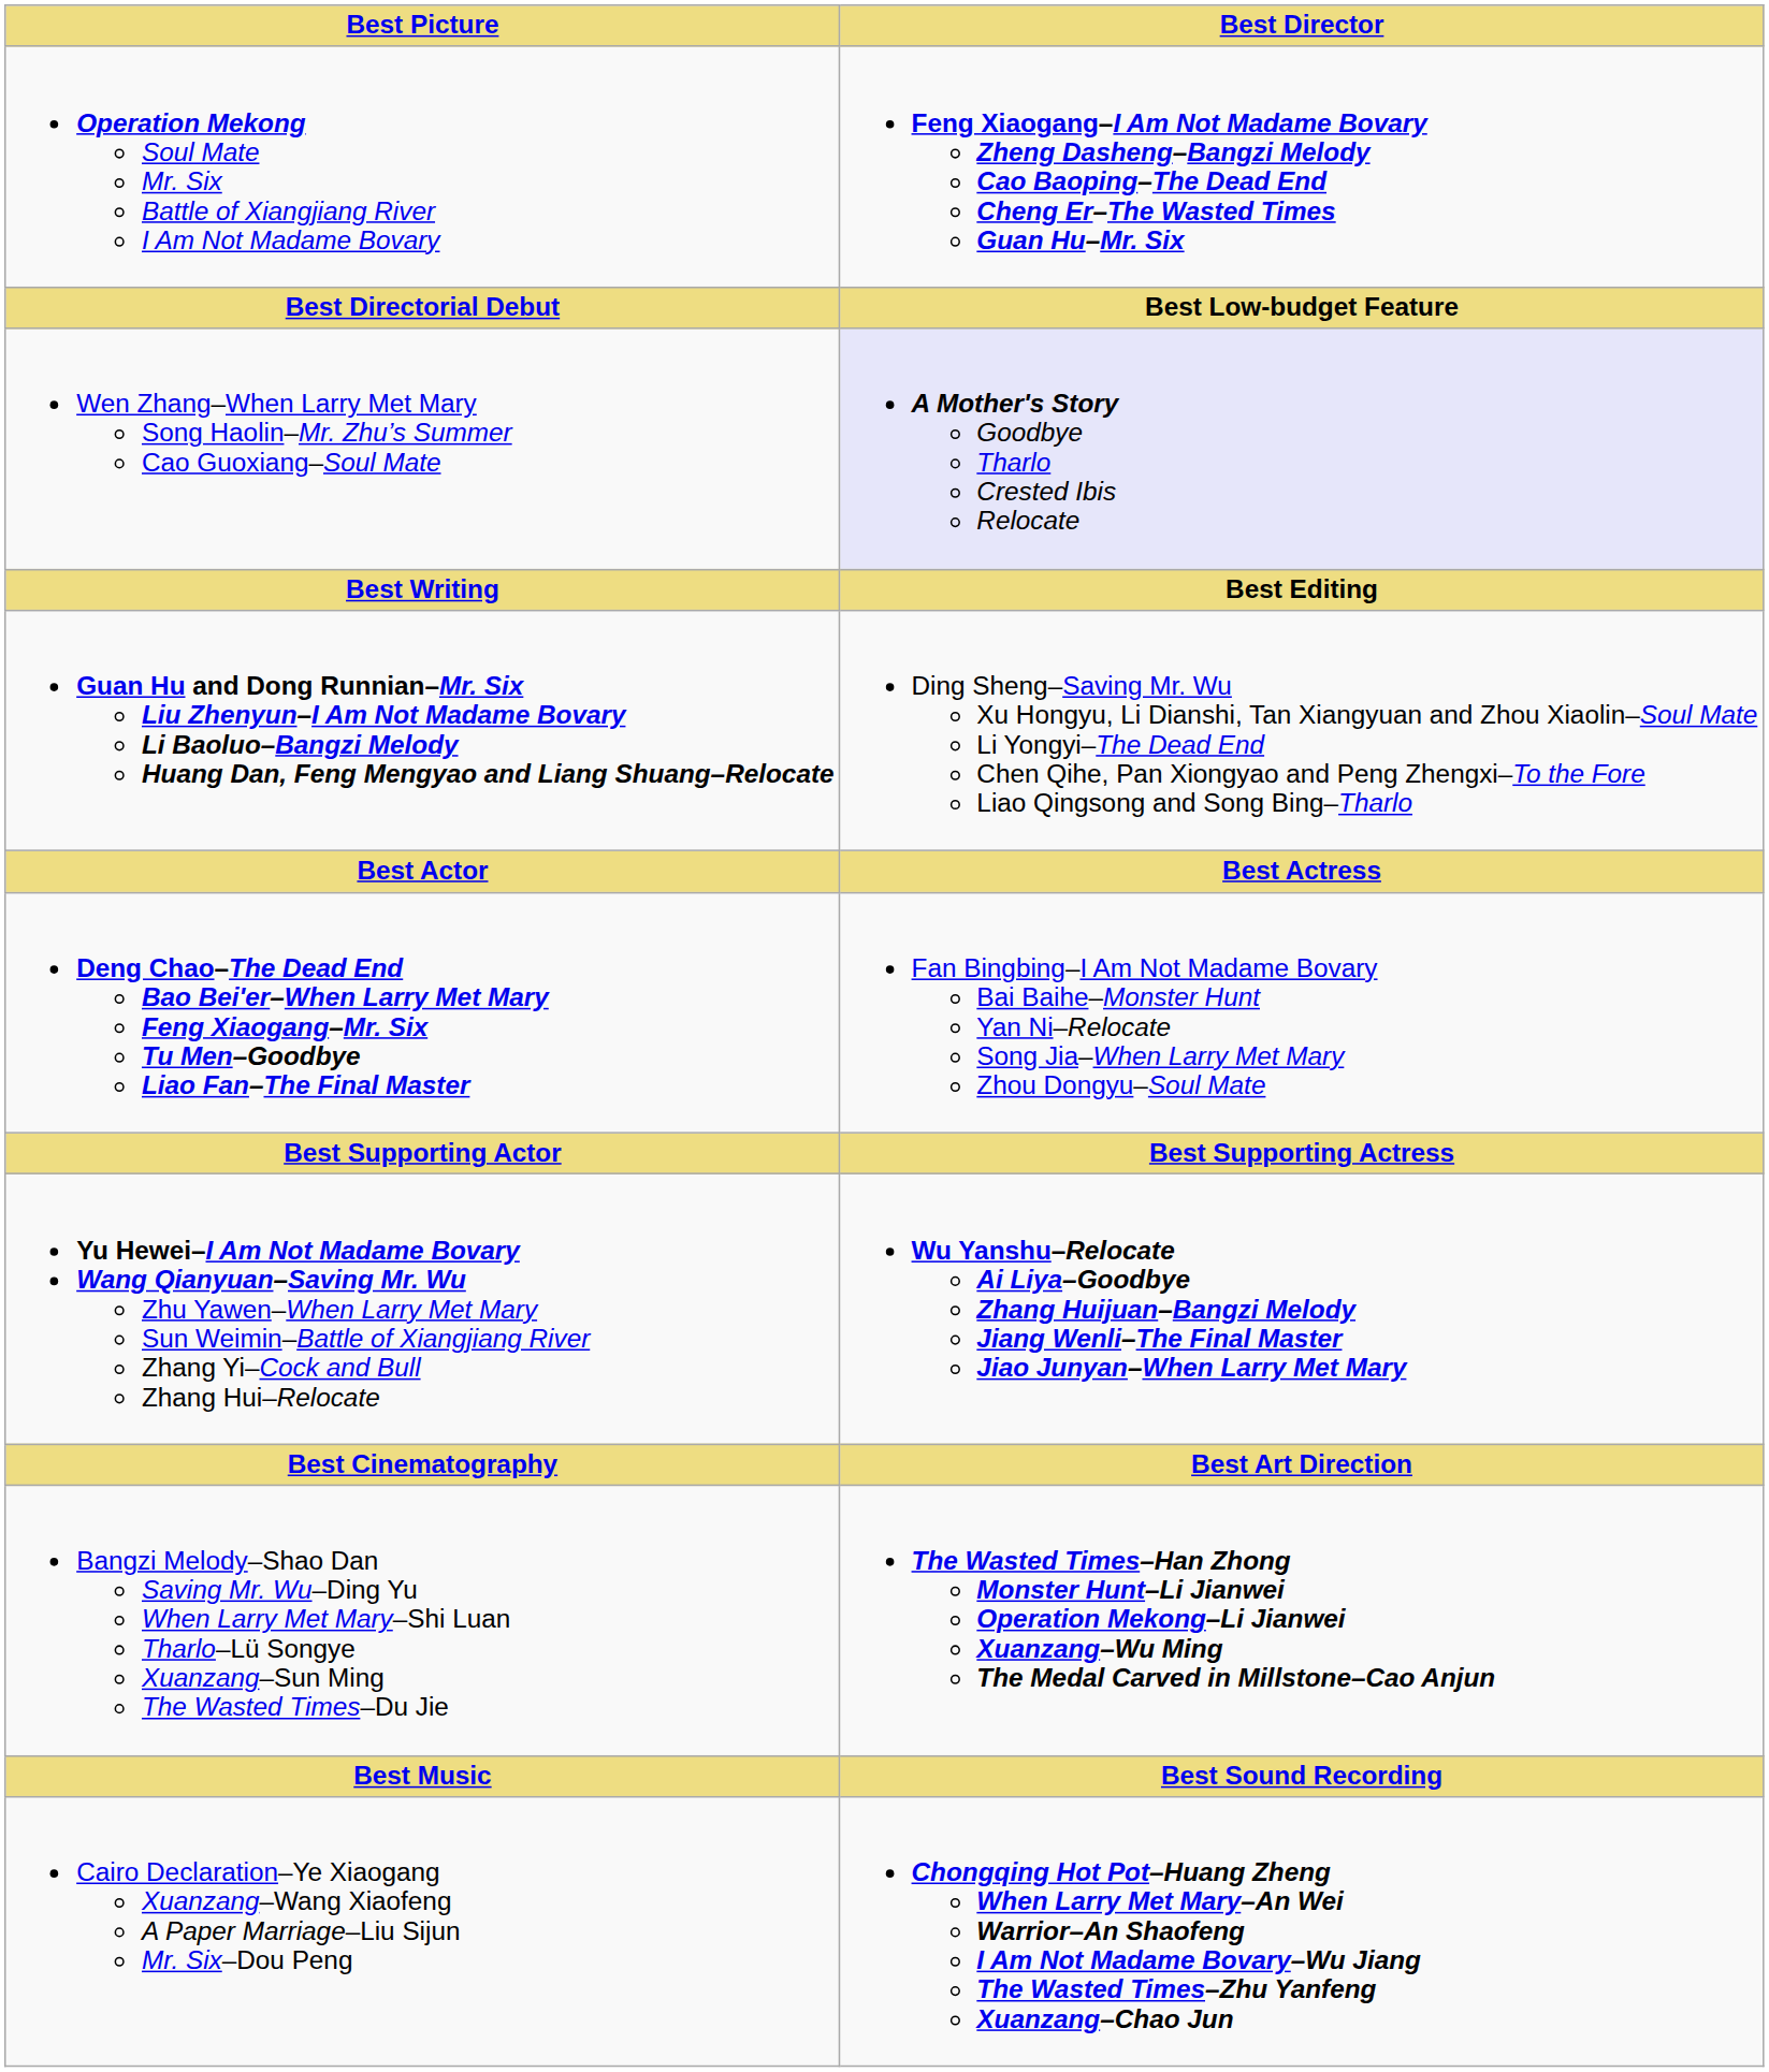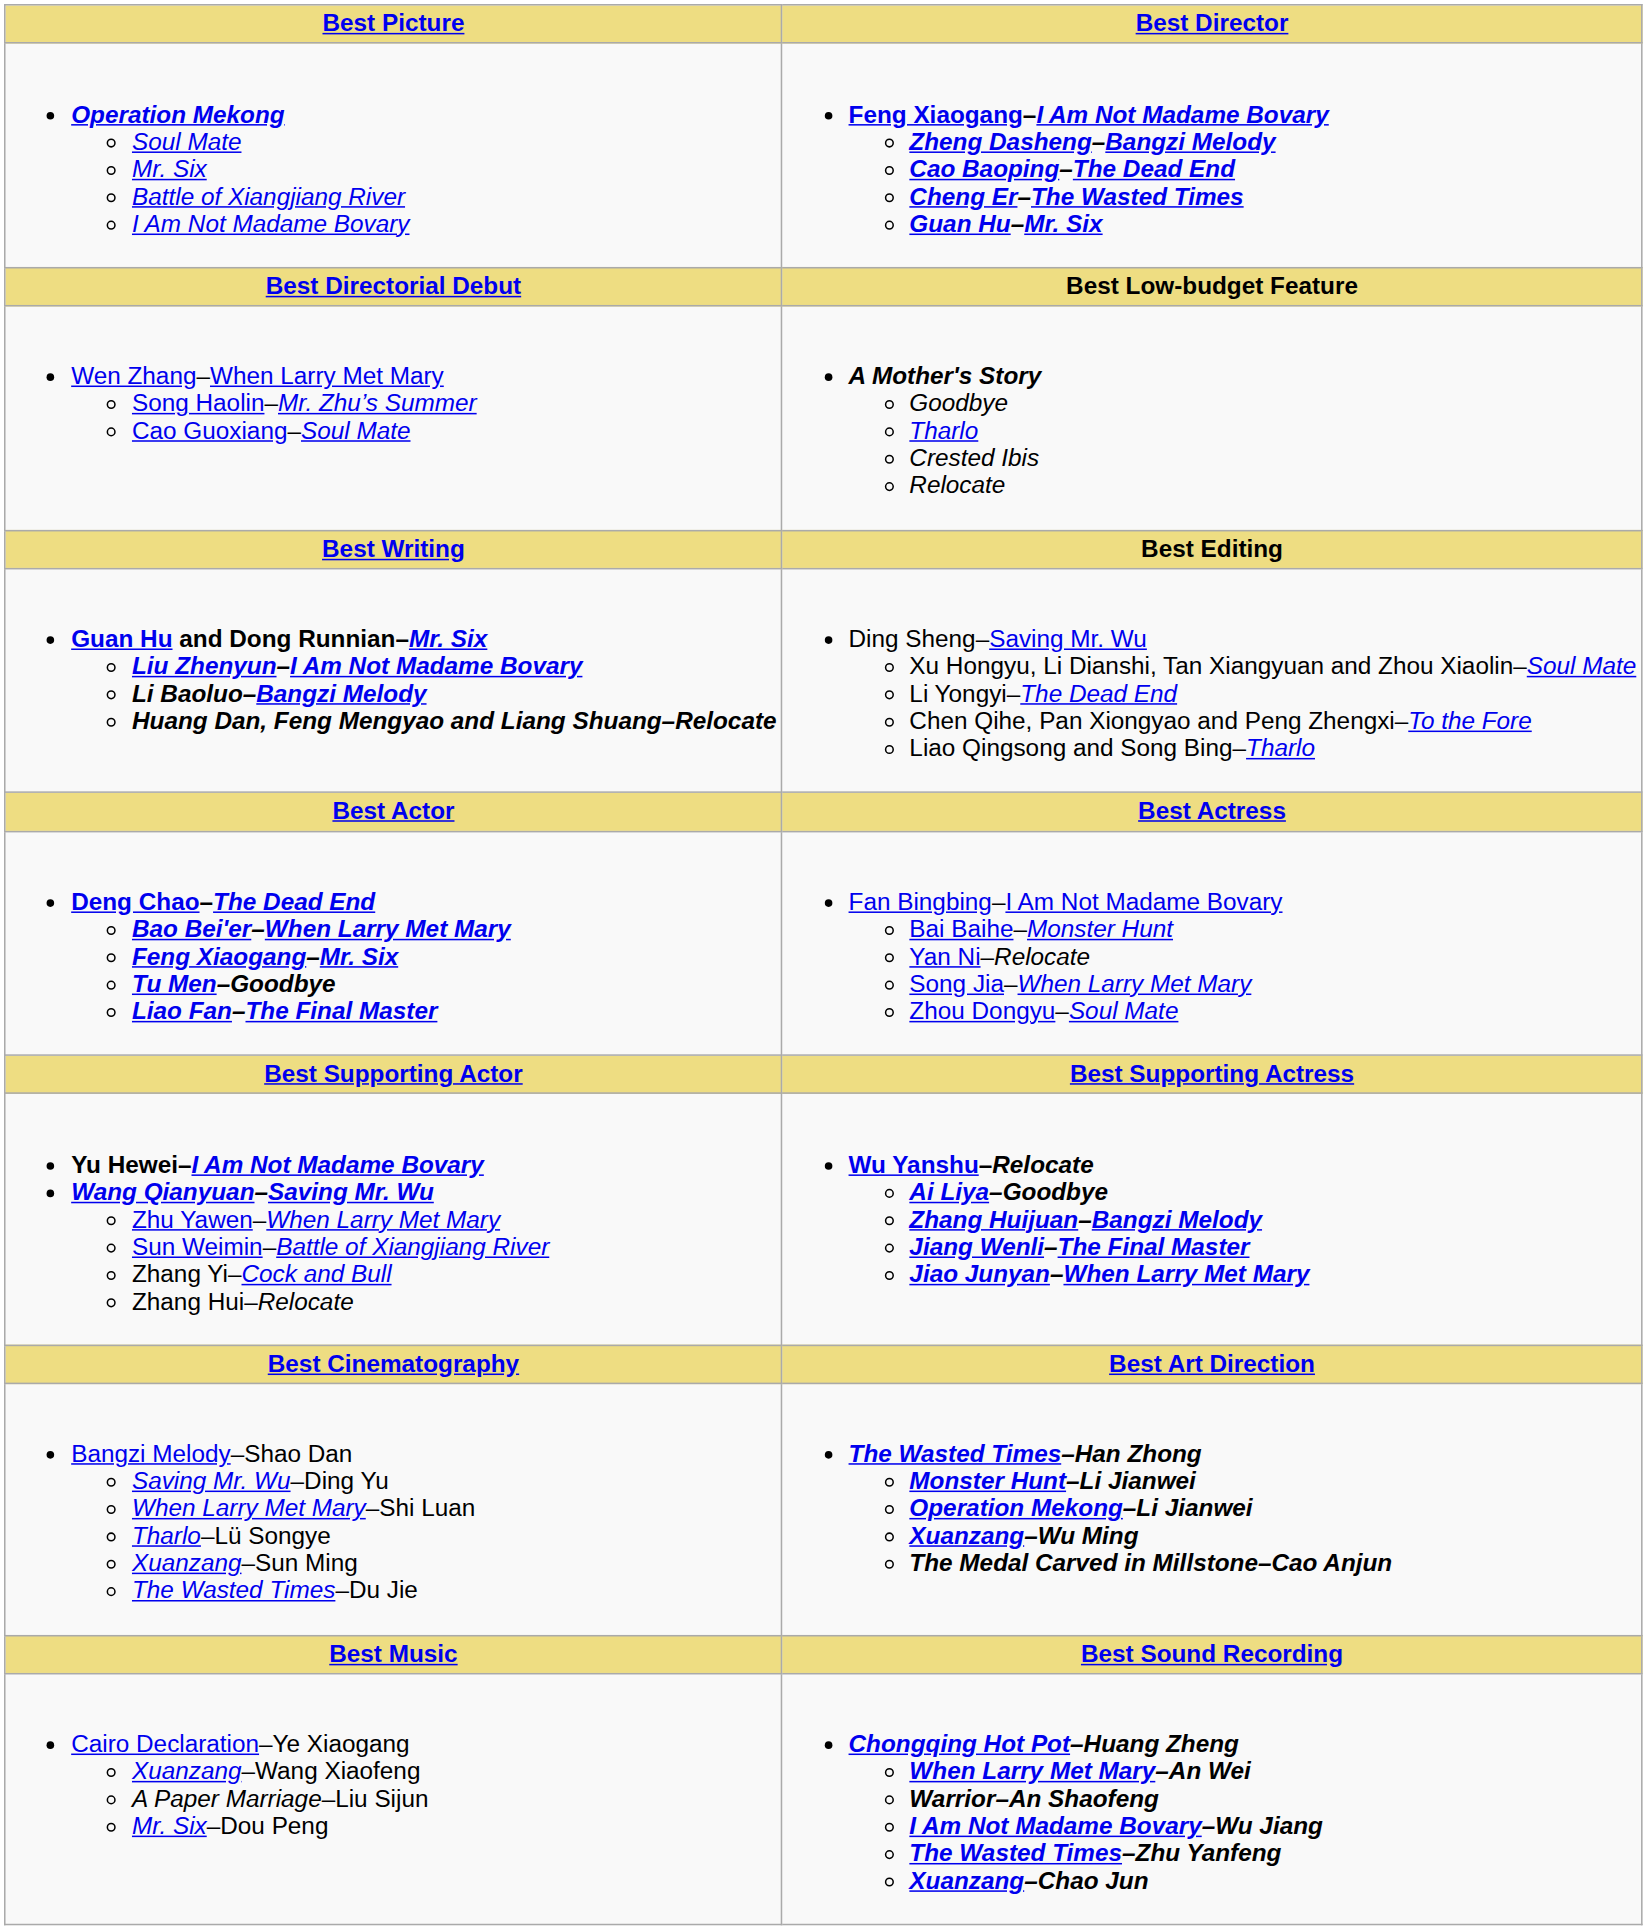 <table class="wikitable">
 <tr>
 <th style="background:#EEDD82; width=50%"><a href='#'>Best Picture</a></th>
 <th style="background:#EEDD82; width=50%"><a href='#'>Best Director</a></th>
 </tr>
 <tr>
 <td valign="top"><br><ul><li><strong><em><a href='#'>Operation Mekong</a></em></strong><ul><li><em><a href='#'>Soul Mate</a></em></li><li><em><a href='#'>Mr. Six</a></em></li><li><em><a href='#'>Battle of Xiangjiang River</a></em></li><li><em><a href='#'>I Am Not Madame Bovary</a></em></li></ul></li></ul></td>
 <td valign="top"><br><ul><li><strong><a href='#'>Feng Xiaogang</a>–<em><a href='#'>I Am Not Madame Bovary</a><strong><em><ul><li><a href='#'>Zheng Dasheng</a>–</em><a href='#'>Bangzi Melody</a><em></li><li><a href='#'>Cao Baoping</a>–</em><a href='#'>The Dead End</a><em></li><li><a href='#'>Cheng Er</a>–</em><a href='#'>The Wasted Times</a><em></li><li><a href='#'>Guan Hu</a>–</em><a href='#'>Mr. Six</a><em></li></ul></li></ul></td>
 </tr>
 <tr>
 <th style="background:#EEDD82; width=50%"><a href='#'>Best Directorial Debut</a></th>
 <th style="background:#EEDD82; width=50%">Best Low-budget Feature</th>
 </tr>
 <tr>
 <td valign="top"><br><ul><li></strong><a href='#'>Wen Zhang</a>–</em><a href='#'>When Larry Met Mary</a></em></strong><ul><li><a href='#'>Song Haolin</a>–<em><a href='#'>Mr. Zhu’s Summer</a></em></li><li><a href='#'>Cao Guoxiang</a>–<em><a href='#'>Soul Mate</a></em></li></ul></li></ul></td>
-<td valign="top" style="background: lavender;"><br><ul><li><strong><em>A Mother's Story</em></strong><ul><li><em>Goodbye</em></li><li><em><a href='#'>Tharlo</a></em></li><li><em>Crested Ibis</em></li><li><em>Relocate</em></li></ul></li></ul></td>
+<td valign="top"><br><ul><li><strong><em>A Mother's Story</em></strong><ul><li><em>Goodbye</em></li><li><em><a href='#'>Tharlo</a></em></li><li><em>Crested Ibis</em></li><li><em>Relocate</em></li></ul></li></ul></td>
 </tr>
 <tr>
 <th style="background:#EEDD82; width=50%"><a href='#'>Best Writing</a></th>
 <th style="background:#EEDD82; width=50%">Best Editing</th>
 </tr>
 <tr>
 <td valign="top"><br><ul><li><strong><a href='#'>Guan Hu</a> and Dong Runnian–<em><a href='#'>Mr. Six</a><strong><em><ul><li><a href='#'>Liu Zhenyun</a>–</em><a href='#'>I Am Not Madame Bovary</a><em></li><li>Li Baoluo–</em><a href='#'>Bangzi Melody</a><em></li><li>Huang Dan, Feng Mengyao and Liang Shuang–</em>Relocate<em></li></ul></li></ul></td>
 <td valign="top"><br><ul><li></strong>Ding Sheng–</em><a href='#'>Saving Mr. Wu</a></em></strong><ul><li>Xu Hongyu, Li Dianshi, Tan Xiangyuan and Zhou Xiaolin–<em><a href='#'>Soul Mate</a></em></li><li>Li Yongyi–<em><a href='#'>The Dead End</a></em></li><li>Chen Qihe, Pan Xiongyao and Peng Zhengxi–<em><a href='#'>To the Fore</a></em></li><li>Liao Qingsong and Song Bing–<em><a href='#'>Tharlo</a></em></li></ul></li></ul></td>
 </tr>
 <tr>
 <th style="background:#EEDD82; width=50%"><a href='#'>Best Actor</a></th>
 <th style="background:#EEDD82; width=50%"><a href='#'>Best Actress</a></th>
 </tr>
 <tr>
 <td valign="top"><br><ul><li><strong><a href='#'>Deng Chao</a>–<em><a href='#'>The Dead End</a><strong><em><ul><li><a href='#'>Bao Bei'er</a>–</em><a href='#'>When Larry Met Mary</a><em></li><li><a href='#'>Feng Xiaogang</a>–</em><a href='#'>Mr. Six</a><em></li><li><a href='#'>Tu Men</a>–</em>Goodbye<em></li><li><a href='#'>Liao Fan</a>–</em><a href='#'>The Final Master</a><em></li></ul></li></ul></td>
 <td valign="top"><br><ul><li></strong><a href='#'>Fan Bingbing</a>–</em><a href='#'>I Am Not Madame Bovary</a></em></strong><ul><li><a href='#'>Bai Baihe</a>–<em><a href='#'>Monster Hunt</a></em></li><li><a href='#'>Yan Ni</a>–<em>Relocate</em></li><li><a href='#'>Song Jia</a>–<em><a href='#'>When Larry Met Mary</a></em></li><li><a href='#'>Zhou Dongyu</a>–<em><a href='#'>Soul Mate</a></em></li></ul></li></ul></td>
 </tr>
 <tr>
 <th style="background:#EEDD82; width=50%"><a href='#'>Best Supporting Actor</a></th>
 <th style="background:#EEDD82; width=50%"><a href='#'>Best Supporting Actress</a></th>
 </tr>
 <tr>
 <td valign="top"><br><ul><li><strong>Yu Hewei–<em><a href='#'>I Am Not Madame Bovary</a><strong><em></li><li></strong><a href='#'>Wang Qianyuan</a>–</em><a href='#'>Saving Mr. Wu</a></em></strong><ul><li><a href='#'>Zhu Yawen</a>–<em><a href='#'>When Larry Met Mary</a></em></li><li><a href='#'>Sun Weimin</a>–<em><a href='#'>Battle of Xiangjiang River</a></em></li><li>Zhang Yi–<em><a href='#'>Cock and Bull</a></em></li><li>Zhang Hui–<em>Relocate</em></li></ul></li></ul></td>
 <td valign="top"><br><ul><li><strong><a href='#'>Wu Yanshu</a>–<em>Relocate<strong><em><ul><li><a href='#'>Ai Liya</a>–</em>Goodbye<em></li><li><a href='#'>Zhang Huijuan</a>–</em><a href='#'>Bangzi Melody</a><em></li><li><a href='#'>Jiang Wenli</a>–</em><a href='#'>The Final Master</a><em></li><li><a href='#'>Jiao Junyan</a>–</em><a href='#'>When Larry Met Mary</a><em></li></ul></li></ul></td>
 </tr>
 <tr>
 <th style="background:#EEDD82; width=50%"><a href='#'>Best Cinematography</a></th>
 <th style="background:#EEDD82; width=50%"><a href='#'>Best Art Direction</a></th>
 </tr>
 <tr>
 <td valign="top"><br><ul><li></em></strong><a href='#'>Bangzi Melody</a></em>–Shao Dan</strong><ul><li><em><a href='#'>Saving Mr. Wu</a></em>–Ding Yu</li><li><em><a href='#'>When Larry Met Mary</a></em>–Shi Luan</li><li><em><a href='#'>Tharlo</a></em>–Lü Songye</li><li><em><a href='#'>Xuanzang</a></em>–Sun Ming</li><li><em><a href='#'>The Wasted Times</a></em>–Du Jie</li></ul></li></ul></td>
 <td valign="top"><br><ul><li><strong><em><a href='#'>The Wasted Times</a><em>–Han Zhong<strong><ul><li></em><a href='#'>Monster Hunt</a><em>–Li Jianwei</li><li></em><a href='#'>Operation Mekong</a><em>–Li Jianwei</li><li></em><a href='#'>Xuanzang</a><em>–Wu Ming</li><li></em>The Medal Carved in Millstone<em>–Cao Anjun</li></ul></li></ul></td>
 </tr>
 <tr>
 <th style="background:#EEDD82; width=50%"><a href='#'>Best Music</a></th>
 <th style="background:#EEDD82; width=50%"><a href='#'>Best Sound Recording</a></th>
 </tr>
 <tr>
 <td valign="top"><br><ul><li></em></strong><a href='#'>Cairo Declaration</a></em>–Ye Xiaogang</strong><ul><li><em><a href='#'>Xuanzang</a></em>–Wang Xiaofeng</li><li><em>A Paper Marriage</em>–Liu Sijun</li><li><em><a href='#'>Mr. Six</a></em>–Dou Peng</li></ul></li></ul></td>
 <td valign="top"><br><ul><li><strong><em><a href='#'>Chongqing Hot Pot</a><em>–Huang Zheng<strong><ul><li></em><a href='#'>When Larry Met Mary</a><em>–An Wei</li><li></em>Warrior<em>–An Shaofeng</li><li></em><a href='#'>I Am Not Madame Bovary</a><em>–Wu Jiang</li><li></em><a href='#'>The Wasted Times</a><em>–Zhu Yanfeng</li><li></em><a href='#'>Xuanzang</a><em>–Chao Jun</li></ul></li></ul></td>
 </tr>
 </table>
